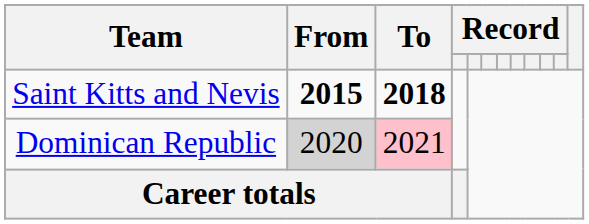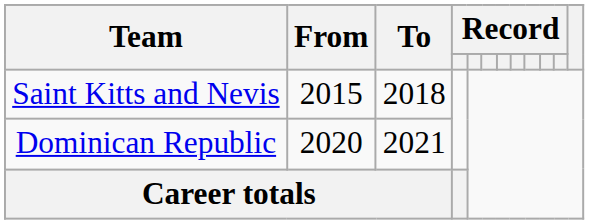 <table class="wikitable" style="text-align: center">
 <tr>
 <th rowspan="2">Team</th>
 <th rowspan="2">From</th>
 <th rowspan="2">To</th>
 <th colspan="8">Record</th>
 <th rowspan="2"></th>
 </tr>
 <tr>
 <th></th>
 <th></th>
 <th></th>
 <th></th>
 <th></th>
 <th></th>
 <th></th>
 <th></th>
 </tr>
 <tr>
 <td><a href='#'>Saint Kitts and Nevis</a></td>
-<td><strong>2015</strong></td>
-<td><strong>2018<br></strong></td>
+<td>2015</td>
+<td>2018<br></td>
 <td rowspan="2"></td>
 </tr>
 <tr>
 <td><a href='#'>Dominican Republic</a></td>
-<td style="background: lightgrey;">2020</td>
-<td style="background: pink;">2021<br></td>
+<td>2020</td>
+<td>2021<br></td>
 </tr>
 <tr>
 <th colspan=3>Career totals<br></th>
 <th></th>
 </tr>
 </table>
